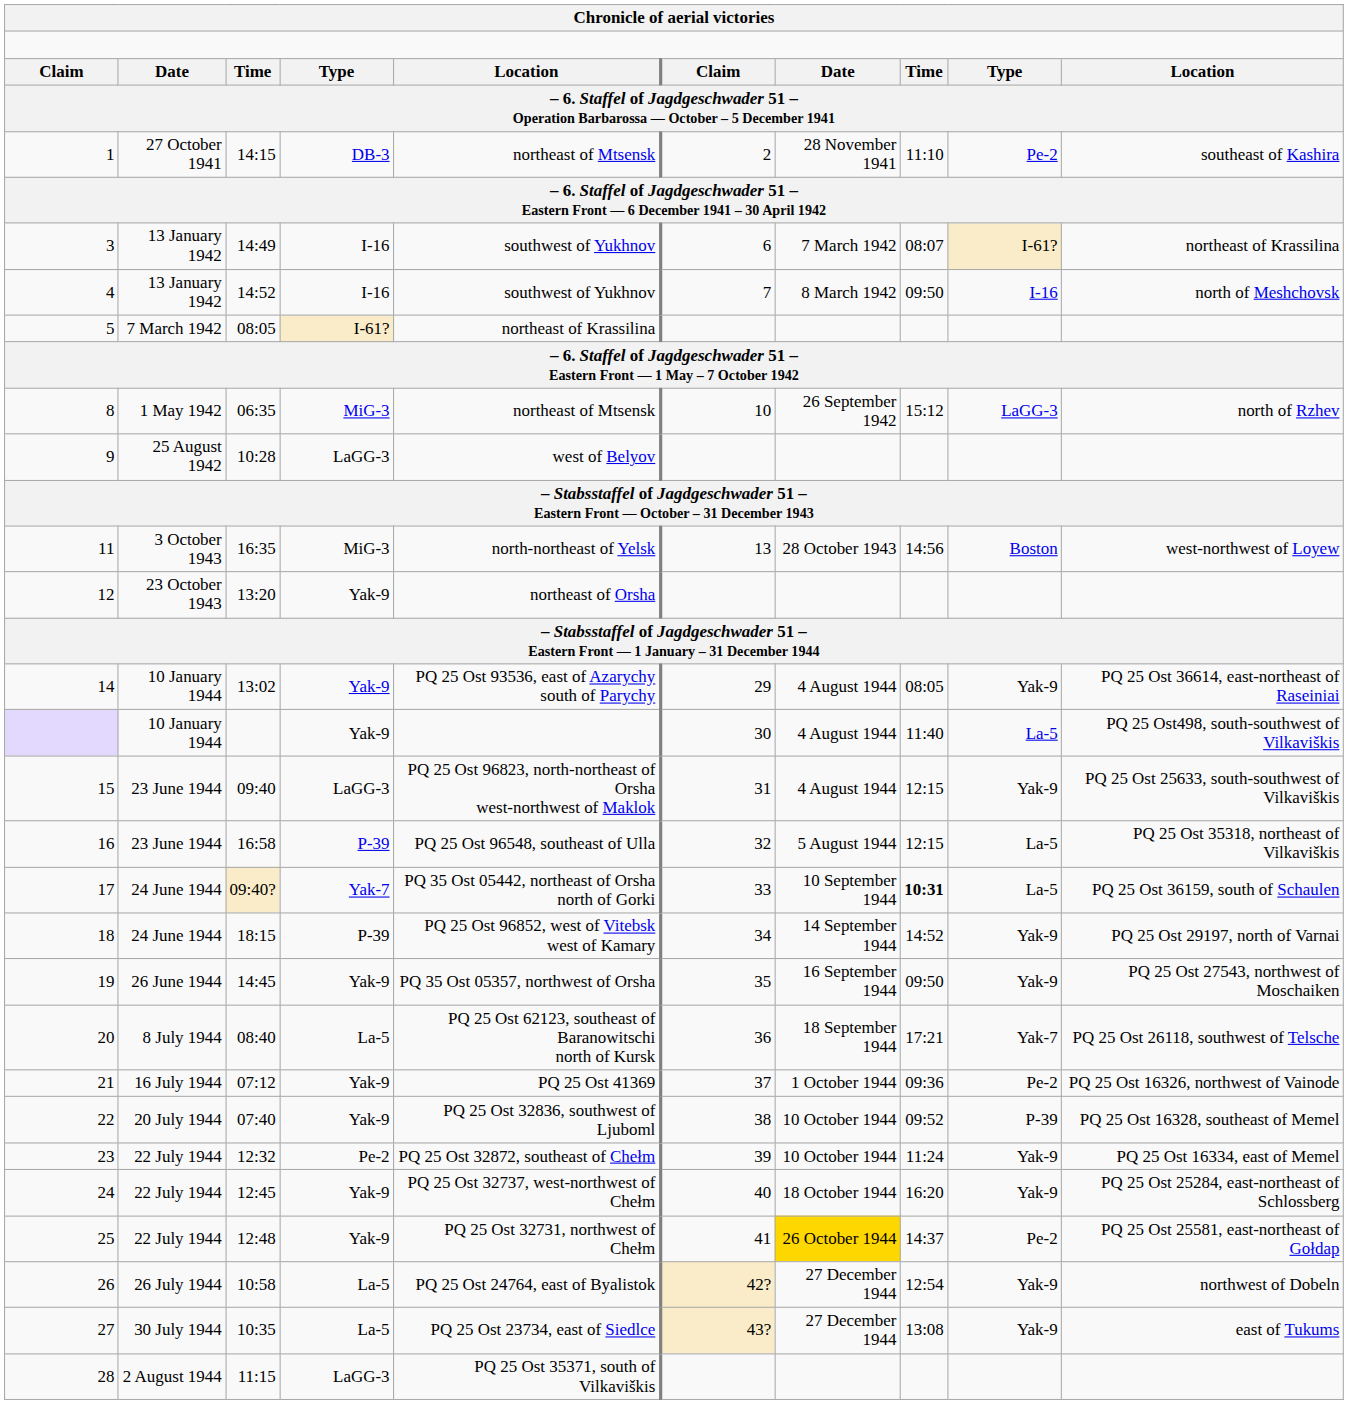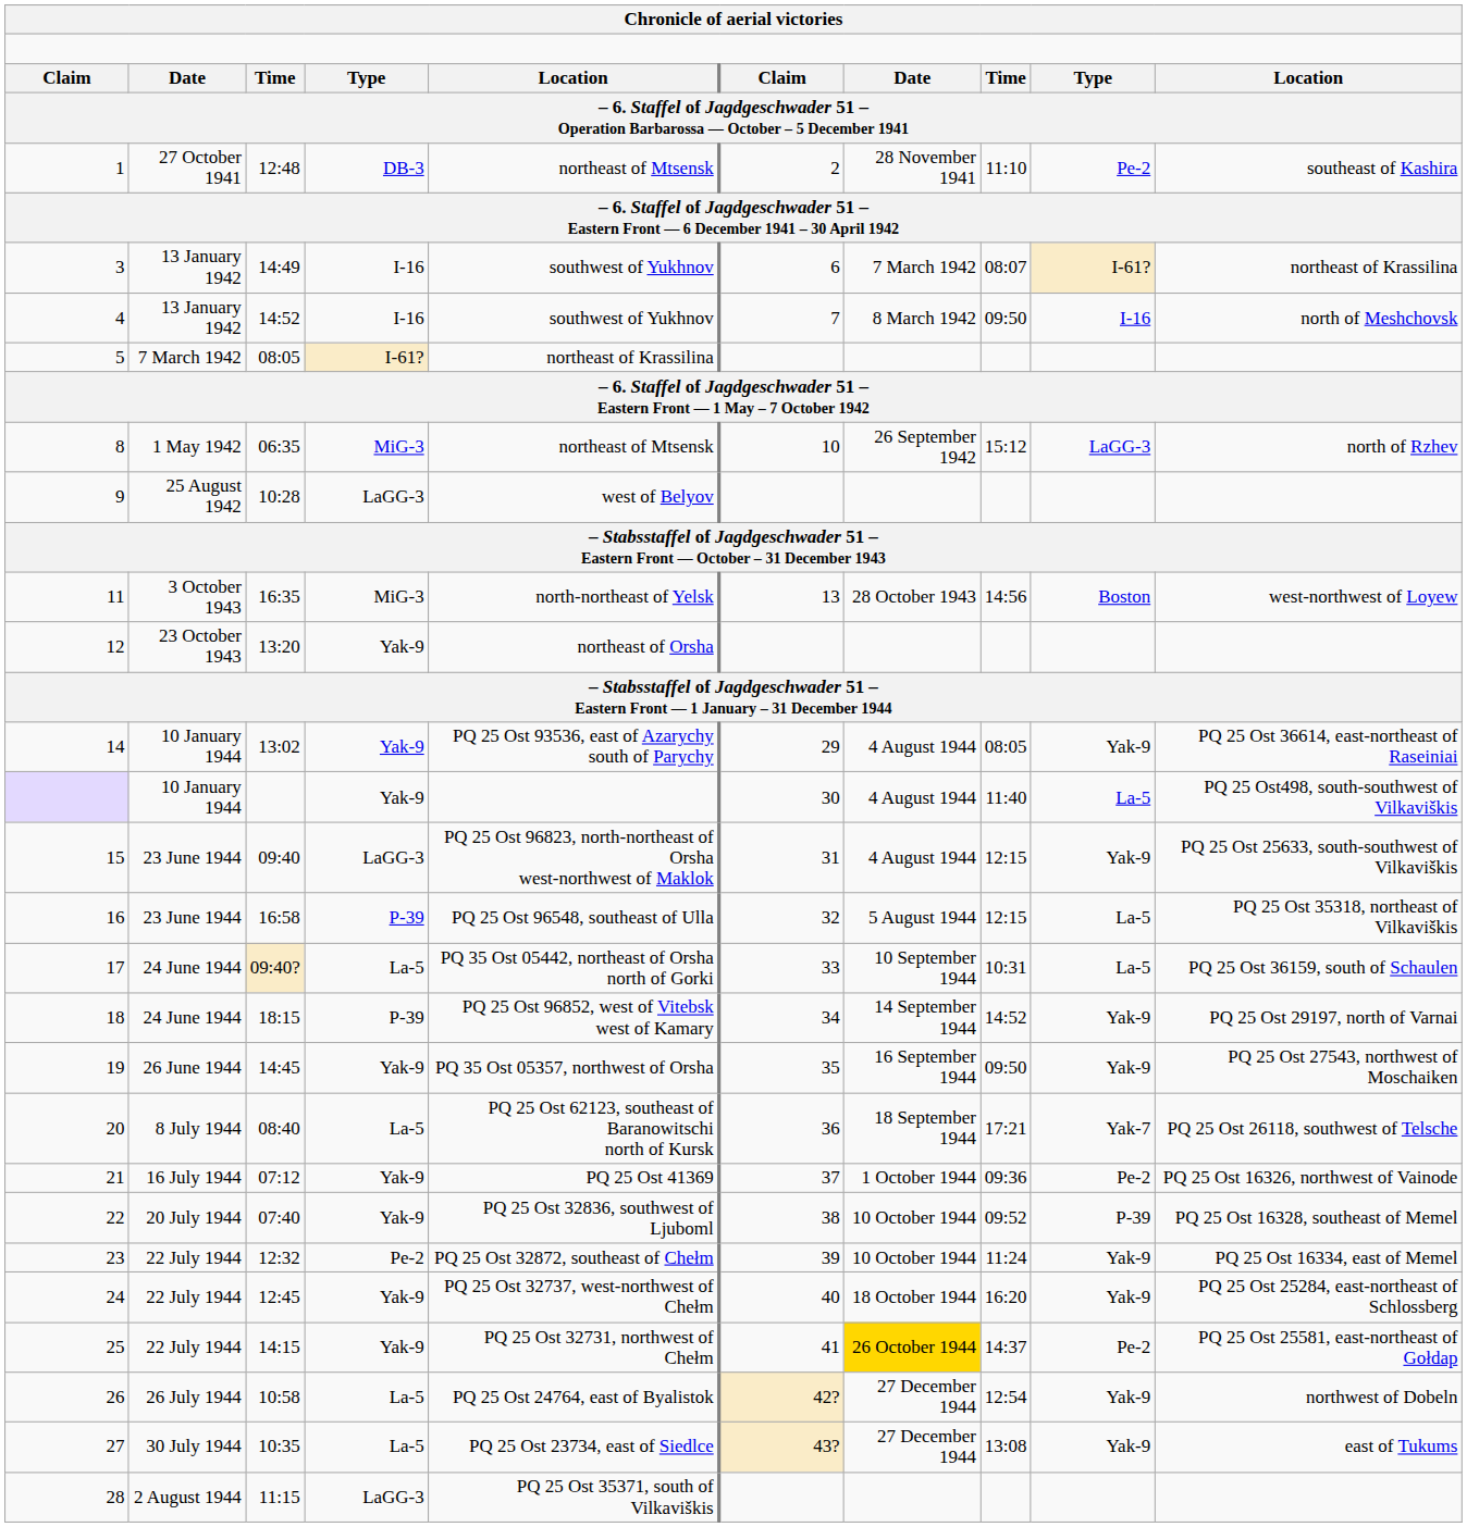 <table class="wikitable plainrowheaders collapsible" style="margin-left: auto; margin-right: auto; border: none; text-align:right; width: 100%;">
 <tr>
 <th colspan="10">Chronicle of aerial victories</th>
 </tr>
 <tr>
 <td colspan="10" style="text-align: left;"><br> </td>
 </tr>
 <tr>
 <th scope="col" width="100px">Claim</th>
 <th scope="col">Date</th>
 <th scope="col">Time</th>
 <th scope="col" width="100px">Type</th>
 <th scope="col">Location</th>
 <th scope="col" style="border-left: 3px solid grey;" width="100px">Claim</th>
 <th scope="col">Date</th>
 <th scope="col">Time</th>
 <th scope="col" width="100px">Type</th>
 <th scope="col">Location</th>
 </tr>
 <tr>
 <th colspan="10">– 6. <em>Staffel</em> of <em>Jagdgeschwader</em> 51 –<br><small>Operation Barbarossa — October – 5 December 1941</small></th>
 </tr>
 <tr>
 <td>1</td>
 <td>27 October 1941</td>
-<td>14:15</td>
+<td>12:48</td>
 <td><a href='#'>DB-3</a></td>
 <td> northeast of <a href='#'>Mtsensk</a></td>
 <td style="border-left: 3px solid grey;">2</td>
 <td>28 November 1941</td>
 <td>11:10</td>
 <td><a href='#'>Pe-2</a></td>
 <td> southeast of <a href='#'>Kashira</a></td>
 </tr>
 <tr>
 <th colspan="10">– 6. <em>Staffel</em> of <em>Jagdgeschwader</em> 51 –<br><small>Eastern Front — 6 December 1941 – 30 April 1942</small></th>
 </tr>
 <tr>
 <td>3</td>
 <td>13 January 1942</td>
 <td>14:49</td>
 <td>I-16</td>
 <td>southwest of <a href='#'>Yukhnov</a></td>
 <td style="border-left: 3px solid grey;">6</td>
 <td>7 March 1942</td>
 <td>08:07</td>
 <td style="background:#faecc8">I-61?</td>
 <td> northeast of Krassilina</td>
 </tr>
 <tr>
 <td>4</td>
 <td>13 January 1942</td>
 <td>14:52</td>
 <td>I-16</td>
 <td> southwest of Yukhnov</td>
 <td style="border-left: 3px solid grey;">7</td>
 <td>8 March 1942</td>
 <td>09:50</td>
 <td><a href='#'>I-16</a></td>
 <td> north of <a href='#'>Meshchovsk</a></td>
 </tr>
 <tr>
 <td>5</td>
 <td>7 March 1942</td>
 <td>08:05</td>
 <td style="background:#faecc8">I-61?</td>
 <td> northeast of Krassilina</td>
 <td style="border-left: 3px solid grey;"></td>
 <td></td>
 <td></td>
 <td></td>
 <td></td>
 </tr>
 <tr>
 <th colspan="10">– 6. <em>Staffel</em> of <em>Jagdgeschwader</em> 51 –<br><small>Eastern Front — 1 May – 7 October 1942</small></th>
 </tr>
 <tr>
 <td>8</td>
 <td>1 May 1942</td>
 <td>06:35</td>
 <td><a href='#'>MiG-3</a></td>
 <td> northeast of Mtsensk</td>
 <td style="border-left: 3px solid grey;">10</td>
 <td>26 September 1942</td>
 <td>15:12</td>
 <td><a href='#'>LaGG-3</a></td>
 <td> north of <a href='#'>Rzhev</a></td>
 </tr>
 <tr>
 <td>9</td>
 <td>25 August 1942</td>
 <td>10:28</td>
 <td>LaGG-3</td>
 <td> west of <a href='#'>Belyov</a></td>
 <td style="border-left: 3px solid grey;"></td>
 <td></td>
 <td></td>
 <td></td>
 <td></td>
 </tr>
 <tr>
 <th colspan="10">– <em>Stabsstaffel</em> of <em>Jagdgeschwader</em> 51 –<br><small>Eastern Front — October – 31 December 1943</small></th>
 </tr>
 <tr>
 <td>11</td>
 <td>3 October 1943</td>
 <td>16:35</td>
 <td>MiG-3</td>
 <td> north-northeast of <a href='#'>Yelsk</a></td>
 <td style="border-left: 3px solid grey;">13</td>
 <td>28 October 1943</td>
 <td>14:56</td>
 <td><a href='#'>Boston</a></td>
 <td> west-northwest of <a href='#'>Loyew</a></td>
 </tr>
 <tr>
 <td>12</td>
 <td>23 October 1943</td>
 <td>13:20</td>
 <td>Yak-9</td>
 <td> northeast of <a href='#'>Orsha</a></td>
 <td style="border-left: 3px solid grey;"></td>
 <td></td>
 <td></td>
 <td></td>
 <td></td>
 </tr>
 <tr>
 <th colspan="10">– <em>Stabsstaffel</em> of <em>Jagdgeschwader</em> 51 –<br><small>Eastern Front — 1 January – 31 December 1944</small></th>
 </tr>
 <tr>
 <td>14</td>
 <td>10 January 1944</td>
 <td>13:02</td>
 <td><a href='#'>Yak-9</a></td>
 <td>PQ 25 Ost 93536,  east of <a href='#'>Azarychy</a><br> south of <a href='#'>Parychy</a></td>
 <td style="border-left: 3px solid grey;">29</td>
 <td>4 August 1944</td>
 <td>08:05</td>
 <td>Yak-9</td>
 <td>PQ 25 Ost 36614,  east-northeast of <a href='#'>Raseiniai</a></td>
 </tr>
 <tr>
 <td style="background:#e3d9ff;"></td>
 <td>10 January 1944</td>
 <td></td>
 <td>Yak-9</td>
 <td></td>
 <td style="border-left: 3px solid grey;">30</td>
 <td>4 August 1944</td>
 <td>11:40</td>
 <td><a href='#'>La-5</a></td>
 <td>PQ 25 Ost498,  south-southwest of <a href='#'>Vilkaviškis</a></td>
 </tr>
 <tr>
 <td>15</td>
 <td>23 June 1944</td>
 <td>09:40</td>
 <td>LaGG-3</td>
 <td>PQ 25 Ost 96823,  north-northeast of Orsha<br> west-northwest of <a href='#'>Maklok</a></td>
 <td style="border-left: 3px solid grey;">31</td>
 <td>4 August 1944</td>
 <td>12:15</td>
 <td>Yak-9</td>
 <td>PQ 25 Ost 25633,  south-southwest of Vilkaviškis</td>
 </tr>
 <tr>
 <td>16</td>
 <td>23 June 1944</td>
 <td>16:58</td>
 <td><a href='#'>P-39</a></td>
 <td>PQ 25 Ost 96548,  southeast of Ulla</td>
 <td style="border-left: 3px solid grey;">32</td>
 <td>5 August 1944</td>
 <td>12:15</td>
 <td>La-5</td>
 <td>PQ 25 Ost 35318,  northeast of Vilkaviškis</td>
 </tr>
 <tr>
 <td>17</td>
 <td>24 June 1944</td>
 <td style="background:#faecc8">09:40?</td>
-<td><a href='#'>Yak-7</a></td>
+<td>La-5</td>
 <td>PQ 35 Ost 05442,  northeast of Orsha<br> north of Gorki</td>
 <td style="border-left: 3px solid grey;">33</td>
 <td>10 September 1944</td>
-<td><strong>10:31</strong></td>
+<td>10:31</td>
 <td>La-5</td>
 <td>PQ 25 Ost 36159,  south of <a href='#'>Schaulen</a></td>
 </tr>
 <tr>
 <td>18</td>
 <td>24 June 1944</td>
 <td>18:15</td>
 <td>P-39</td>
 <td>PQ 25 Ost 96852,  west of <a href='#'>Vitebsk</a><br> west of Kamary</td>
 <td style="border-left: 3px solid grey;">34</td>
 <td>14 September 1944</td>
 <td>14:52</td>
 <td>Yak-9</td>
 <td>PQ 25 Ost 29197,  north of Varnai</td>
 </tr>
 <tr>
 <td>19</td>
 <td>26 June 1944</td>
 <td>14:45</td>
 <td>Yak-9</td>
 <td>PQ 35 Ost 05357,  northwest of Orsha</td>
 <td style="border-left: 3px solid grey;">35</td>
 <td>16 September 1944</td>
 <td>09:50</td>
 <td>Yak-9</td>
 <td>PQ 25 Ost 27543,  northwest of Moschaiken</td>
 </tr>
 <tr>
 <td>20</td>
 <td>8 July 1944</td>
 <td>08:40</td>
 <td>La-5</td>
 <td>PQ 25 Ost 62123,  southeast of Baranowitschi<br> north of Kursk</td>
 <td style="border-left: 3px solid grey;">36</td>
 <td>18 September 1944</td>
 <td>17:21</td>
 <td>Yak-7</td>
 <td>PQ 25 Ost 26118,  southwest of <a href='#'>Telsche</a></td>
 </tr>
 <tr>
 <td>21</td>
 <td>16 July 1944</td>
 <td>07:12</td>
 <td>Yak-9</td>
 <td>PQ 25 Ost 41369</td>
 <td style="border-left: 3px solid grey;">37</td>
 <td>1 October 1944</td>
 <td>09:36</td>
 <td>Pe-2</td>
 <td>PQ 25 Ost 16326,  northwest of Vainode</td>
 </tr>
 <tr>
 <td>22</td>
 <td>20 July 1944</td>
 <td>07:40</td>
 <td>Yak-9</td>
 <td>PQ 25 Ost 32836,  southwest of Ljuboml</td>
 <td style="border-left: 3px solid grey;">38</td>
 <td>10 October 1944</td>
 <td>09:52</td>
 <td>P-39</td>
 <td>PQ 25 Ost 16328,  southeast of Memel</td>
 </tr>
 <tr>
 <td>23</td>
 <td>22 July 1944</td>
 <td>12:32</td>
 <td>Pe-2</td>
 <td>PQ 25 Ost 32872,  southeast of <a href='#'>Chełm</a></td>
 <td style="border-left: 3px solid grey;">39</td>
 <td>10 October 1944</td>
 <td>11:24</td>
 <td>Yak-9</td>
 <td>PQ 25 Ost 16334,  east of Memel</td>
 </tr>
 <tr>
 <td>24</td>
 <td>22 July 1944</td>
 <td>12:45</td>
 <td>Yak-9</td>
 <td>PQ 25 Ost 32737,  west-northwest of Chełm</td>
 <td style="border-left: 3px solid grey;">40</td>
 <td>18 October 1944</td>
 <td>16:20</td>
 <td>Yak-9</td>
 <td>PQ 25 Ost 25284,  east-northeast of Schlossberg</td>
 </tr>
 <tr>
 <td>25</td>
 <td>22 July 1944</td>
-<td>12:48</td>
+<td>14:15</td>
 <td>Yak-9</td>
 <td>PQ 25 Ost 32731,  northwest of Chełm</td>
 <td style="border-left: 3px solid grey;">41</td>
 <td style="background: gold;">26 October 1944</td>
 <td>14:37</td>
 <td>Pe-2</td>
 <td>PQ 25 Ost 25581,  east-northeast of <a href='#'>Gołdap</a></td>
 </tr>
 <tr>
 <td>26</td>
 <td>26 July 1944</td>
 <td>10:58</td>
 <td>La-5</td>
 <td>PQ 25 Ost 24764,  east of Byalistok</td>
 <td style="border-left: 3px solid grey; background:#faecc8">42?</td>
 <td>27 December 1944</td>
 <td>12:54</td>
 <td>Yak-9</td>
 <td> northwest of Dobeln</td>
 </tr>
 <tr>
 <td>27</td>
 <td>30 July 1944</td>
 <td>10:35</td>
 <td>La-5</td>
 <td>PQ 25 Ost 23734,  east of <a href='#'>Siedlce</a></td>
 <td style="border-left: 3px solid grey; background:#faecc8">43?</td>
 <td>27 December 1944</td>
 <td>13:08</td>
 <td>Yak-9</td>
 <td> east of <a href='#'>Tukums</a></td>
 </tr>
 <tr>
 <td>28</td>
 <td>2 August 1944</td>
 <td>11:15</td>
 <td>LaGG-3</td>
 <td>PQ 25 Ost 35371,  south of Vilkaviškis</td>
 <td style="border-left: 3px solid grey;"></td>
 <td></td>
 <td></td>
 <td></td>
 <td></td>
 </tr>
 </table>
